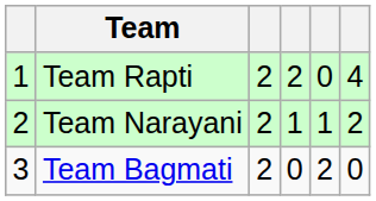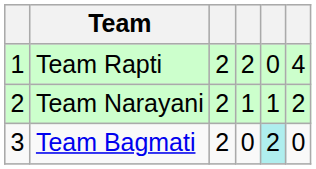 <table class="wikitable">
 <tr>
 <th></th>
 <th>Team</th>
 <th></th>
 <th></th>
 <th></th>
 <th></th>
 </tr>
 <tr style="background:#cfc">
 <td>1</td>
 <td>Team Rapti</td>
 <td>2</td>
 <td>2</td>
 <td>0</td>
 <td>4</td>
 </tr>
 <tr style="background:#cfc">
 <td>2</td>
 <td>Team Narayani</td>
 <td>2</td>
 <td>1</td>
 <td>1</td>
 <td>2</td>
 </tr>
 <tr>
 <td>3</td>
 <td><a href='#'>Team Bagmati</a></td>
 <td>2</td>
 <td>0</td>
-<td>2</td>
+<td style="background: paleturquoise;">2</td>
 <td>0</td>
 </tr>
 </table>
